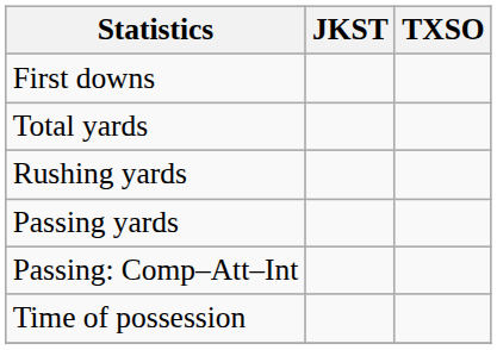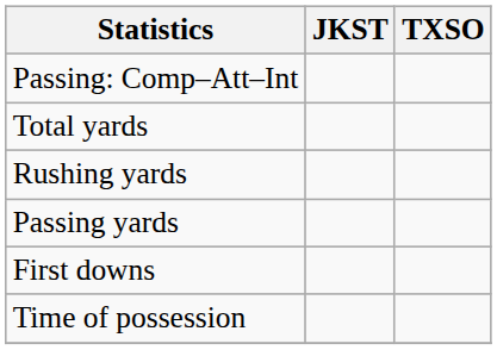 <table class="wikitable" style="float: left;">
 <tr>
 <th>Statistics</th>
 <th>JKST</th>
 <th>TXSO</th>
 </tr>
 <tr>
-<td>First downs</td>
+<td>Passing: Comp–Att–Int</td>
 <td></td>
 <td></td>
 </tr>
 <tr>
 <td>Total yards</td>
 <td></td>
 <td></td>
 </tr>
 <tr>
 <td>Rushing yards</td>
 <td></td>
 <td></td>
 </tr>
 <tr>
 <td>Passing yards</td>
 <td></td>
 <td></td>
 </tr>
 <tr>
-<td>Passing: Comp–Att–Int</td>
+<td>First downs</td>
 <td></td>
 <td></td>
 </tr>
 <tr>
 <td>Time of possession</td>
 <td></td>
 <td></td>
 </tr>
 <tr>
 </tr>
 </table>
